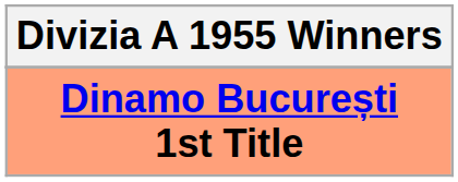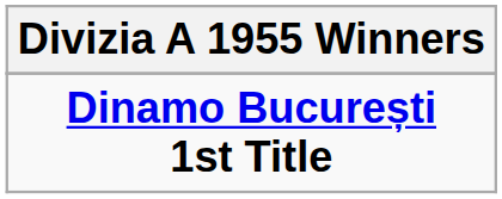 <table class="wikitable" style="text-align: center; margin: 0 auto;">
 <tr>
 <th>Divizia A 1955 Winners</th>
 </tr>
 <tr>
 </tr>
 <tr>
-<td style="background: lightsalmon;"><strong><a href='#'>Dinamo București</a></strong><br><strong>1st Title</strong></td>
+<td><strong><a href='#'>Dinamo București</a></strong><br><strong>1st Title</strong></td>
 </tr>
 </table>
